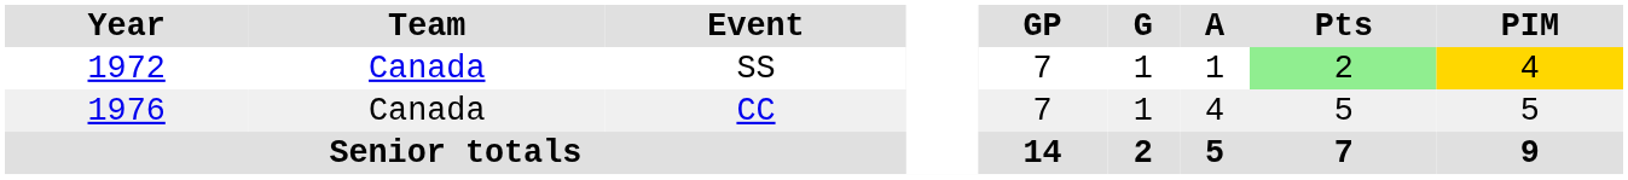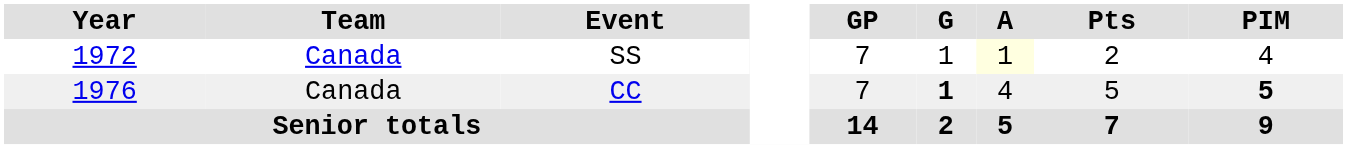 <table border="0" cellpadding="1" cellspacing="0" style="text-align:center; width:50em">
 <tr ALIGN="center" bgcolor="#e0e0e0">
 <th>Year</th>
 <th>Team</th>
 <th>Event</th>
 <th rowspan="99" bgcolor="#ffffff"> </th>
 <th>GP</th>
 <th>G</th>
 <th>A</th>
 <th>Pts</th>
 <th>PIM</th>
 </tr>
 <tr>
 <td><a href='#'>1972</a></td>
 <td><a href='#'>Canada</a></td>
 <td>SS</td>
 <td>7</td>
 <td>1</td>
-<td>1</td>
-<td style="background: lightgreen;">2</td>
-<td style="background: gold;">4</td>
+<td style="background: lightyellow;">1</td>
+<td>2</td>
+<td>4</td>
 </tr>
 <tr bgcolor="#f0f0f0">
 <td><a href='#'>1976</a></td>
 <td>Canada</td>
 <td><a href='#'>CC</a></td>
 <td>7</td>
-<td>1</td>
+<td><strong>1</strong></td>
 <td>4</td>
 <td>5</td>
-<td>5</td>
+<td><strong>5</strong></td>
 </tr>
 <tr bgcolor="#e0e0e0">
 <th colspan=3>Senior totals</th>
 <th>14</th>
 <th>2</th>
 <th>5</th>
 <th>7</th>
 <th>9</th>
 </tr>
 </table>
